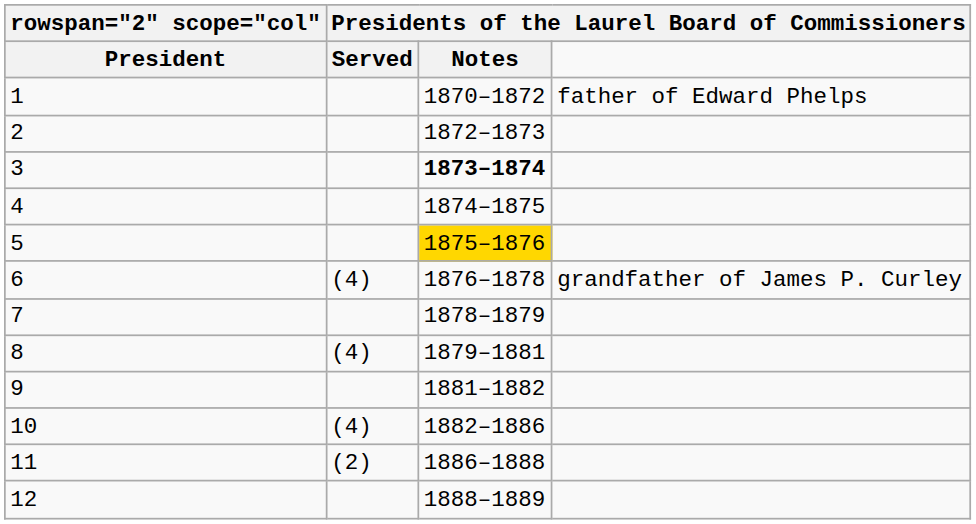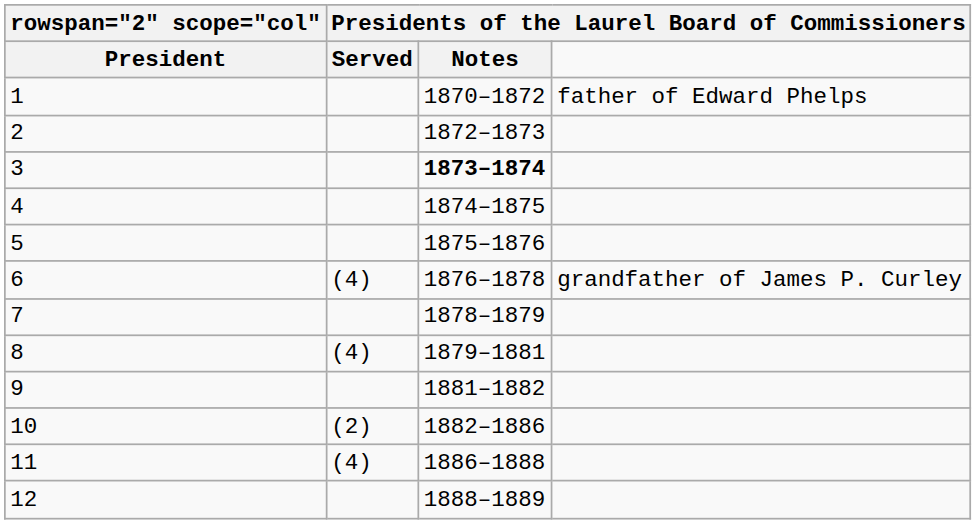 <table class="wikitable sortable">
 <tr>
 <th>rowspan="2" scope="col" </th>
 <th colspan="3">Presidents of the Laurel Board of Commissioners</th>
 </tr>
 <tr>
 <th scope="col">President</th>
 <th scope="col">Served</th>
 <th scope="col" class="unsortable">Notes</th>
 </tr>
 <tr>
 <td>1</td>
 <td></td>
 <td>1870–1872</td>
 <td>father of Edward Phelps</td>
 </tr>
 <tr>
 <td>2</td>
 <td></td>
 <td>1872–1873</td>
 <td></td>
 </tr>
 <tr>
 <td>3</td>
 <td></td>
 <td><strong>1873–1874</strong></td>
 <td></td>
 </tr>
 <tr>
 <td>4</td>
 <td></td>
 <td>1874–1875</td>
 <td></td>
 </tr>
 <tr>
 <td>5</td>
 <td></td>
-<td style="background: gold;">1875–1876</td>
+<td>1875–1876</td>
 <td></td>
 </tr>
 <tr>
 <td>6</td>
 <td> (4)</td>
 <td>1876–1878</td>
 <td>grandfather of James P. Curley</td>
 </tr>
 <tr>
 <td>7</td>
 <td></td>
 <td>1878–1879</td>
 <td></td>
 </tr>
 <tr>
 <td>8</td>
 <td> (4)</td>
 <td>1879–1881</td>
 <td></td>
 </tr>
 <tr>
 <td>9</td>
 <td></td>
 <td>1881–1882</td>
 <td></td>
 </tr>
 <tr>
 <td>10</td>
-<td> (4)</td>
+<td> (2)</td>
 <td>1882–1886</td>
 <td></td>
 </tr>
 <tr>
 <td>11</td>
-<td> (2)</td>
+<td> (4)</td>
 <td>1886–1888</td>
 <td></td>
 </tr>
 <tr>
 <td>12</td>
 <td></td>
 <td>1888–1889</td>
 <td></td>
 </tr>
 </table>
